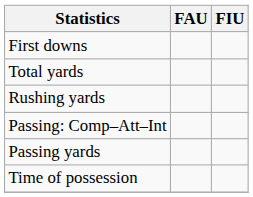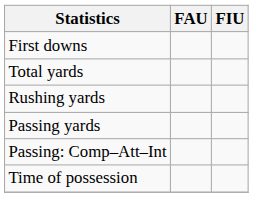 <table class="wikitable" style="float: left;">
 <tr>
 <th>Statistics</th>
 <th>FAU</th>
 <th>FIU</th>
 </tr>
 <tr>
 <td>First downs</td>
 <td></td>
 <td></td>
 </tr>
 <tr>
 <td>Total yards</td>
 <td></td>
 <td></td>
 </tr>
 <tr>
 <td>Rushing yards</td>
 <td></td>
 <td></td>
 </tr>
 <tr>
-<td>Passing: Comp–Att–Int</td>
+<td>Passing yards</td>
 <td></td>
 <td></td>
 </tr>
 <tr>
-<td>Passing yards</td>
+<td>Passing: Comp–Att–Int</td>
 <td></td>
 <td></td>
 </tr>
 <tr>
 <td>Time of possession</td>
 <td></td>
 <td></td>
 </tr>
 <tr>
 </tr>
 </table>
